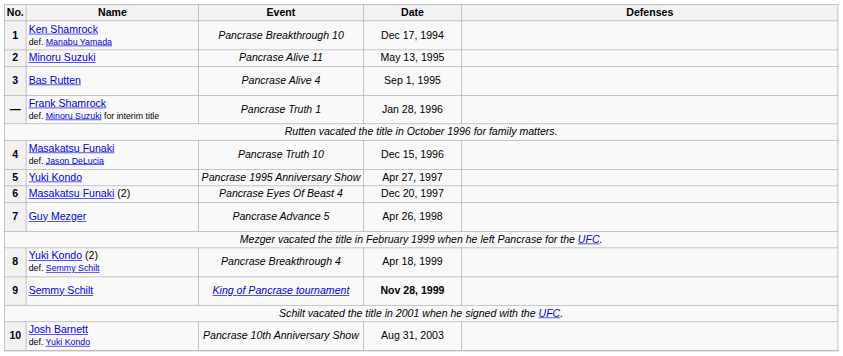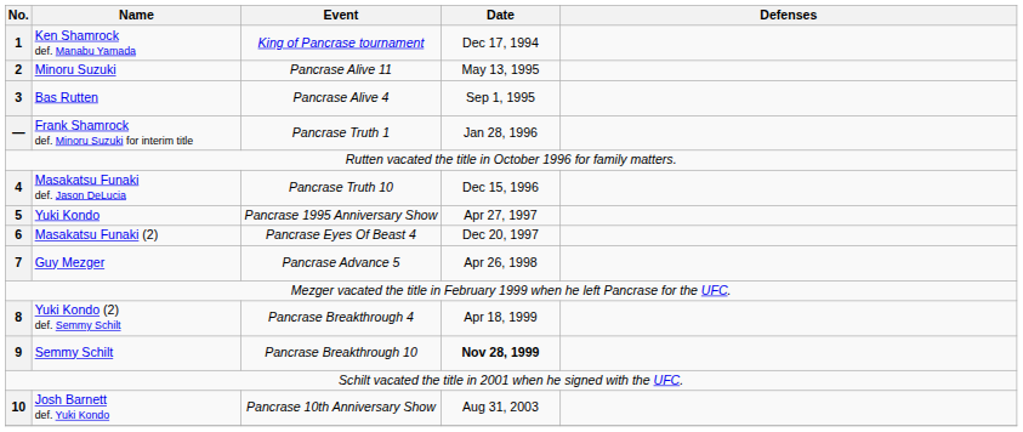 <table class="wikitable" width=100%>
 <tr>
 <th width=1%>No.</th>
 <th width=21%>Name</th>
 <th width=20%>Event</th>
 <th width=12%>Date</th>
 <th width=46%>Defenses</th>
 </tr>
 <tr>
 <th>1</th>
 <td align=left> <a href='#'>Ken Shamrock</a><br><small>def. <a href='#'>Manabu Yamada</a></small></td>
-<td align=center><em>Pancrase Breakthrough 10</em><br></td>
+<td align=center><em><a href='#'>King of Pancrase tournament</a></em><br></td>
 <td align=center>Dec 17, 1994</td>
 <td><br></td>
 </tr>
 <tr>
 <th>2</th>
 <td align=left> <a href='#'>Minoru Suzuki</a></td>
 <td align=center><em>Pancrase Alive 11</em><br></td>
 <td align=center>May 13, 1995</td>
 <td></td>
 </tr>
 <tr>
 <th>3</th>
 <td align=left> <a href='#'>Bas Rutten</a></td>
 <td align=center><em>Pancrase Alive 4</em><br></td>
 <td align=center>Sep 1, 1995</td>
 <td><br><br> </td>
 </tr>
 <tr>
 <th>—</th>
 <td align=left> <a href='#'>Frank Shamrock</a><br><small>def. <a href='#'>Minoru Suzuki</a> for interim title</small></td>
 <td align=center><em>Pancrase Truth 1</em><br></td>
 <td align=center>Jan 28, 1996</td>
 <td></td>
 </tr>
 <tr>
 <td colspan=5 align=center><em>Rutten vacated the title in October 1996 for family matters.</em></td>
 </tr>
 <tr>
 <th>4</th>
 <td align=left> <a href='#'>Masakatsu Funaki</a><br><small>def. <a href='#'>Jason DeLucia</a></small></td>
 <td align=center><em>Pancrase Truth 10</em><br></td>
 <td align=center>Dec 15, 1996</td>
 <td></td>
 </tr>
 <tr>
 <th>5</th>
 <td align=left> <a href='#'>Yuki Kondo</a></td>
 <td align=center><em>Pancrase 1995 Anniversary Show</em><br></td>
 <td align=center>Apr 27, 1997</td>
 <td><br></td>
 </tr>
 <tr>
 <th>6</th>
 <td align=left> <a href='#'>Masakatsu Funaki</a> (2)</td>
 <td align=center><em>Pancrase Eyes Of Beast 4</em><br></td>
 <td align=center>Dec 20, 1997</td>
 <td></td>
 </tr>
 <tr>
 <th>7</th>
 <td align=left> <a href='#'>Guy Mezger</a></td>
 <td align=center><em>Pancrase Advance 5</em><br></td>
 <td align=center>Apr 26, 1998</td>
 <td><br><br> </td>
 </tr>
 <tr>
 <td colspan=5 align=center><em>Mezger vacated the title in February 1999 when he left Pancrase for the <a href='#'>UFC</a>.</em></td>
 </tr>
 <tr>
 <th>8</th>
 <td align=left> <a href='#'>Yuki Kondo</a> (2)<br><small>def. <a href='#'>Semmy Schilt</a></small></td>
 <td align=center><em>Pancrase Breakthrough 4</em><br></td>
 <td align=center>Apr 18, 1999</td>
 <td><br></td>
 </tr>
 <tr>
 <th>9</th>
 <td align=left> <a href='#'>Semmy Schilt</a></td>
-<td align=center><em><a href='#'>King of Pancrase tournament</a></em><br></td>
+<td align=center><em>Pancrase Breakthrough 10</em><br></td>
 <td align=center><strong>Nov 28, 1999</strong></td>
 <td><br><br> </td>
 </tr>
 <tr>
 <td colspan=5 align=center><em>Schilt vacated the title in 2001 when he signed with the <a href='#'>UFC</a>.</em></td>
 </tr>
 <tr>
 <th>10</th>
 <td align=left> <a href='#'>Josh Barnett</a><br><small>def. <a href='#'>Yuki Kondo</a></small></td>
 <td align=center><em>Pancrase 10th Anniversary Show</em><br></td>
 <td align=center>Aug 31, 2003</td>
 <td><br><br> </td>
 </tr>
 <tr>
 </tr>
 </table>
